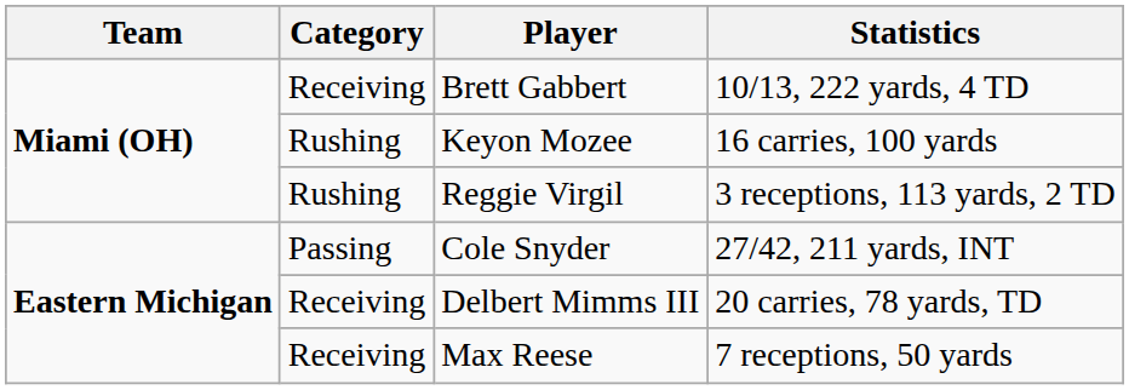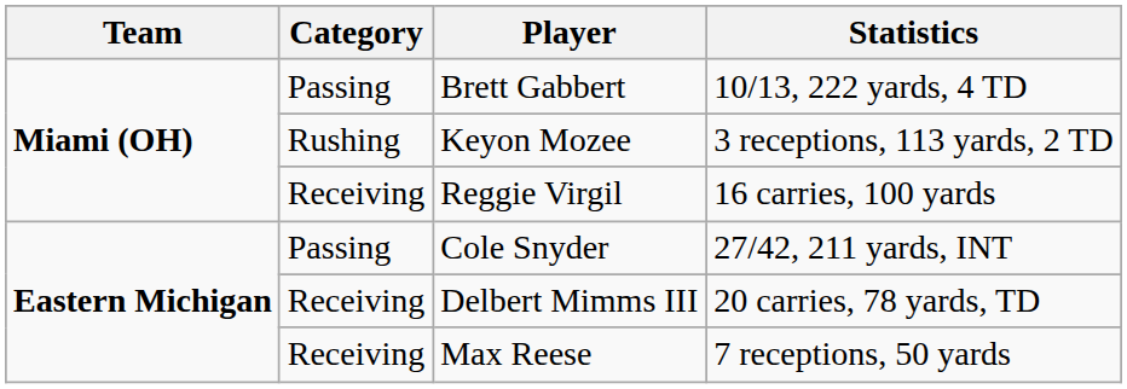 <table class="wikitable" style="float: right;">
 <tr>
 <th>Team</th>
 <th>Category</th>
 <th>Player</th>
 <th>Statistics</th>
 </tr>
 <tr>
 <td rowspan=3><strong>Miami (OH)</strong></td>
-<td>Receiving</td>
+<td>Passing</td>
 <td>Brett Gabbert</td>
 <td>10/13, 222 yards, 4 TD</td>
 </tr>
 <tr>
 <td>Rushing</td>
 <td>Keyon Mozee</td>
-<td>16 carries, 100 yards</td>
+<td>3 receptions, 113 yards, 2 TD</td>
 </tr>
 <tr>
-<td>Rushing</td>
+<td>Receiving</td>
 <td>Reggie Virgil</td>
-<td>3 receptions, 113 yards, 2 TD</td>
+<td>16 carries, 100 yards</td>
 </tr>
 <tr>
 <td rowspan=3><strong>Eastern Michigan</strong></td>
 <td>Passing</td>
 <td>Cole Snyder</td>
 <td>27/42, 211 yards, INT</td>
 </tr>
 <tr>
 <td>Receiving</td>
 <td>Delbert Mimms III</td>
 <td>20 carries, 78 yards, TD</td>
 </tr>
 <tr>
 <td>Receiving</td>
 <td>Max Reese</td>
 <td>7 receptions, 50 yards</td>
 </tr>
 </table>
